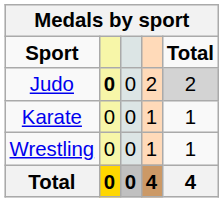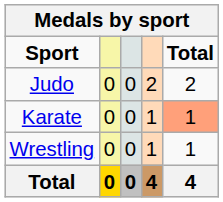 <table class="wikitable" style="font-size:85%; float:right;">
 <tr style="background:#efefef;">
 <th colspan=7><strong>Medals by sport</strong></th>
 </tr>
 <tr align=center>
 <td><strong>Sport</strong></td>
 <td style="background:#f7f6a8;"></td>
 <td style="background:#dce5e5;"></td>
 <td style="background:#ffdab9;"></td>
 <td><strong>Total</strong></td>
 </tr>
 <tr align=center>
 <td><a href='#'>Judo</a></td>
-<td style="background:#f7f6a8;"><strong>0</strong></td>
+<td style="background:#f7f6a8;">0</td>
 <td style="background:#dce5e5;">0</td>
 <td style="background:#ffdab9;">2</td>
-<td style="background: lightgrey;">2</td>
+<td>2</td>
 </tr>
 <tr align=center>
 <td><a href='#'>Karate</a></td>
 <td style="background:#f7f6a8;">0</td>
 <td style="background:#dce5e5;">0</td>
 <td style="background:#ffdab9;">1</td>
-<td>1</td>
+<td style="background: lightsalmon;">1</td>
 </tr>
 <tr align=center>
 <td><a href='#'>Wrestling</a></td>
 <td style="background:#f7f6a8;">0</td>
 <td style="background:#dce5e5;">0</td>
 <td style="background:#ffdab9;">1</td>
 <td>1</td>
 </tr>
 <tr align=center>
 <th><strong>Total</strong></th>
 <th style="background:gold;"><strong>0</strong></th>
 <th style="background:silver;"><strong>0</strong></th>
 <th style="background:#c96;"><strong>4</strong></th>
 <th><strong>4</strong></th>
 </tr>
 </table>
